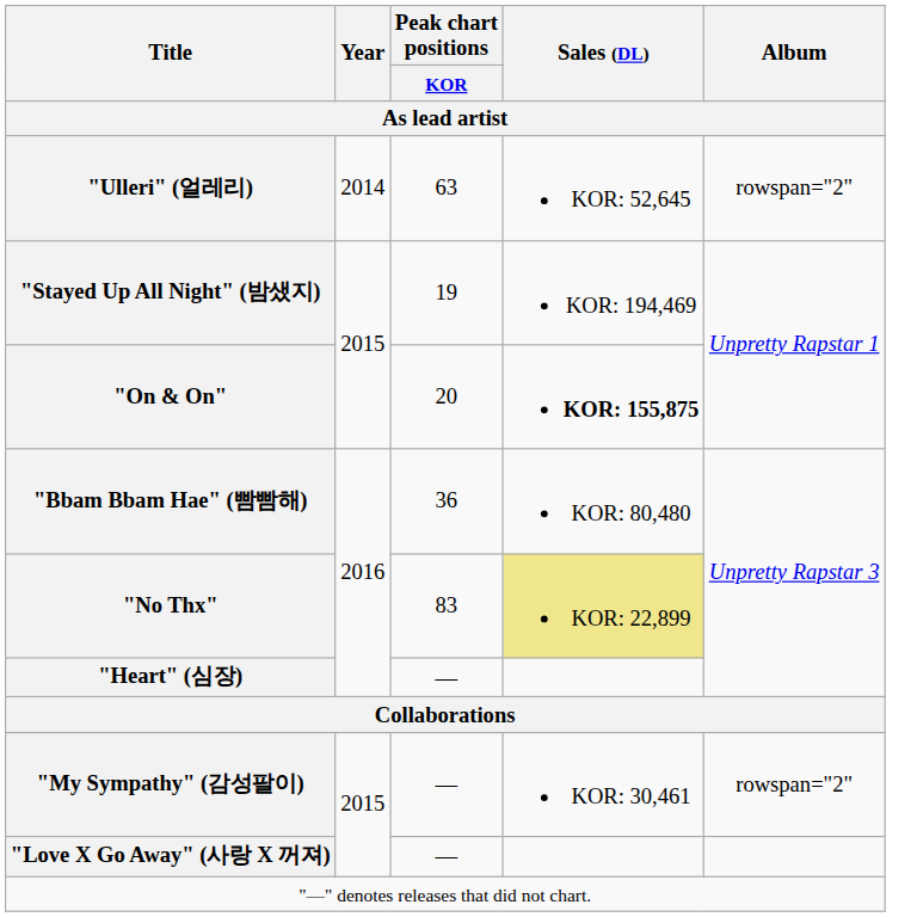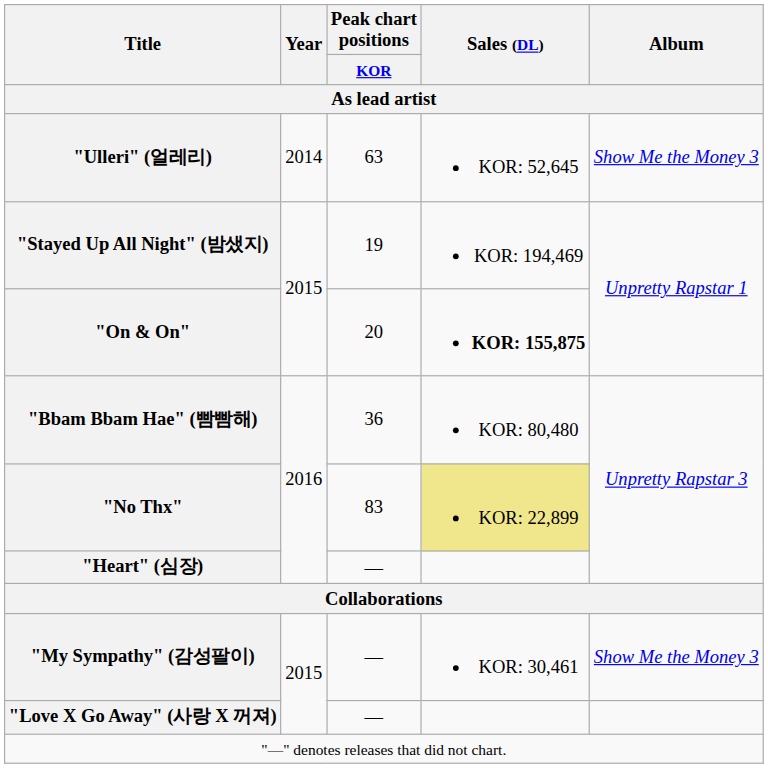 <table class="wikitable plainrowheaders" style="text-align:center;">
 <tr>
 <th scope="col" rowspan="2">Title</th>
 <th scope="col" rowspan="2">Year</th>
 <th scope="col" colspan="1">Peak chart <br> positions</th>
 <th scope="col" rowspan="2">Sales <small>(<a href='#'>DL</a>)</small></th>
 <th scope="col" rowspan="2">Album</th>
 </tr>
 <tr>
 <th><small><a href='#'>KOR</a></small><br></th>
 </tr>
 <tr>
 <th scope="col" colspan="5">As lead artist</th>
 </tr>
 <tr>
 <th scope="row">"Ulleri" (얼레리)</th>
 <td>2014</td>
 <td>63</td>
 <td><br><ul><li>KOR: 52,645</li></ul></td>
-<td>rowspan="2" </td>
+<td><em><a href='#'>Show Me the Money 3</a></em></td>
 </tr>
 <tr>
 <th scope="row">"Stayed Up All Night" (밤샜지)</th>
 <td rowspan="2">2015</td>
 <td>19</td>
 <td><br><ul><li>KOR: 194,469</li></ul></td>
 <td rowspan="2"><em><a href='#'>Unpretty Rapstar 1</a></em></td>
 </tr>
 <tr>
 <th scope="row">"On & On"<br></th>
 <td>20</td>
 <td><strong><br><ul><li>KOR: 155,875</li></ul></strong></td>
 </tr>
 <tr>
 <th scope="row">"Bbam Bbam Hae" (빰빰해)<br></th>
 <td rowspan="3">2016</td>
 <td>36</td>
 <td><br><ul><li>KOR: 80,480</li></ul></td>
 <td rowspan="3"><em><a href='#'>Unpretty Rapstar 3</a></em></td>
 </tr>
 <tr>
 <th scope="row">"No Thx"<br></th>
 <td>83</td>
 <td style="background: khaki;"><br><ul><li>KOR: 22,899</li></ul></td>
 </tr>
 <tr>
 <th scope="row">"Heart" (심장)<br></th>
 <td>—</td>
 <td></td>
 </tr>
 <tr>
 <th scope="col" colspan="5">Collaborations</th>
 </tr>
 <tr>
 <th scope="row">"My Sympathy" (감성팔이)<br></th>
 <td rowspan="2">2015</td>
 <td>—</td>
 <td><br><ul><li>KOR: 30,461</li></ul></td>
-<td>rowspan="2" </td>
+<td><em><a href='#'>Show Me the Money 3</a></em></td>
 </tr>
 <tr>
 <th scope="row">"Love X Go Away" (사랑 X 꺼져)<br></th>
 <td>—</td>
 <td></td>
 </tr>
 <tr>
 <td colspan="5" align="center"><small>"—" denotes releases that did not chart.</small></td>
 </tr>
 </table>
